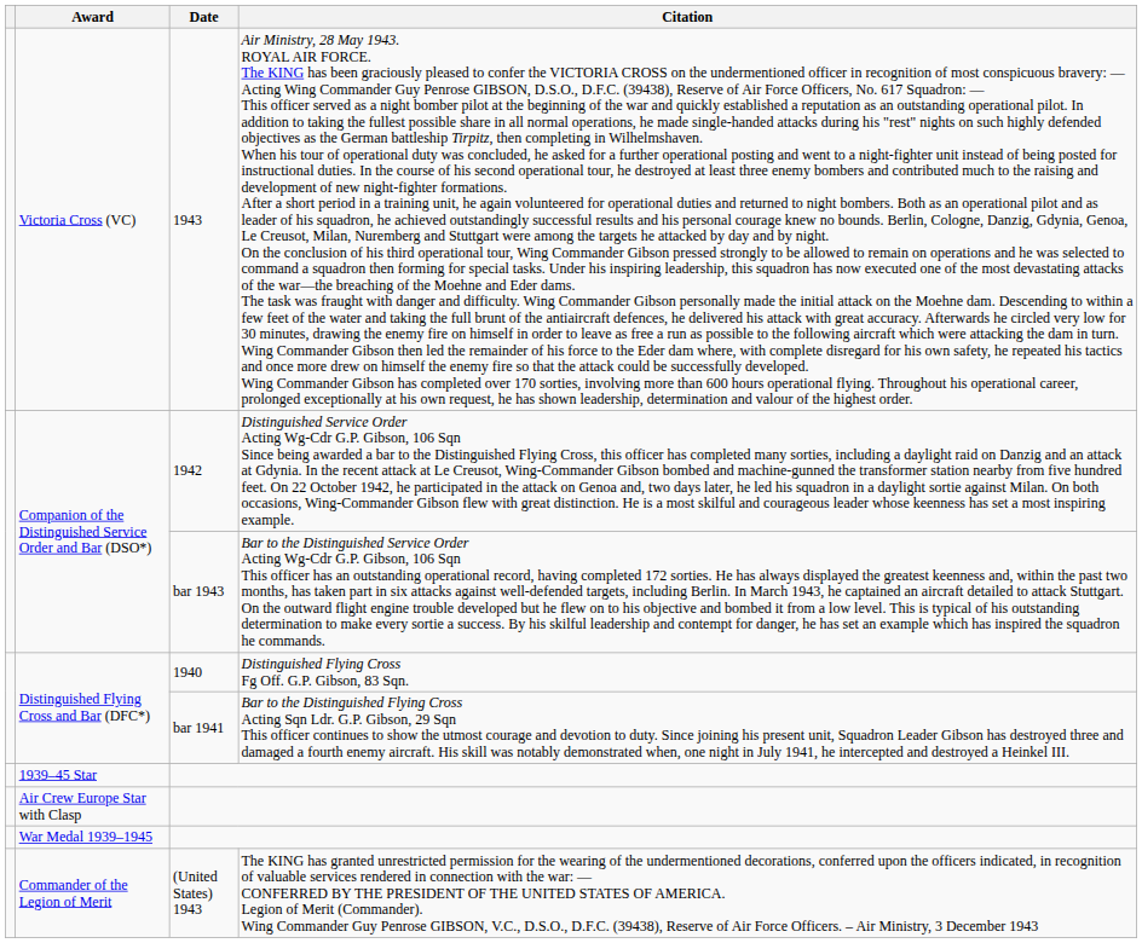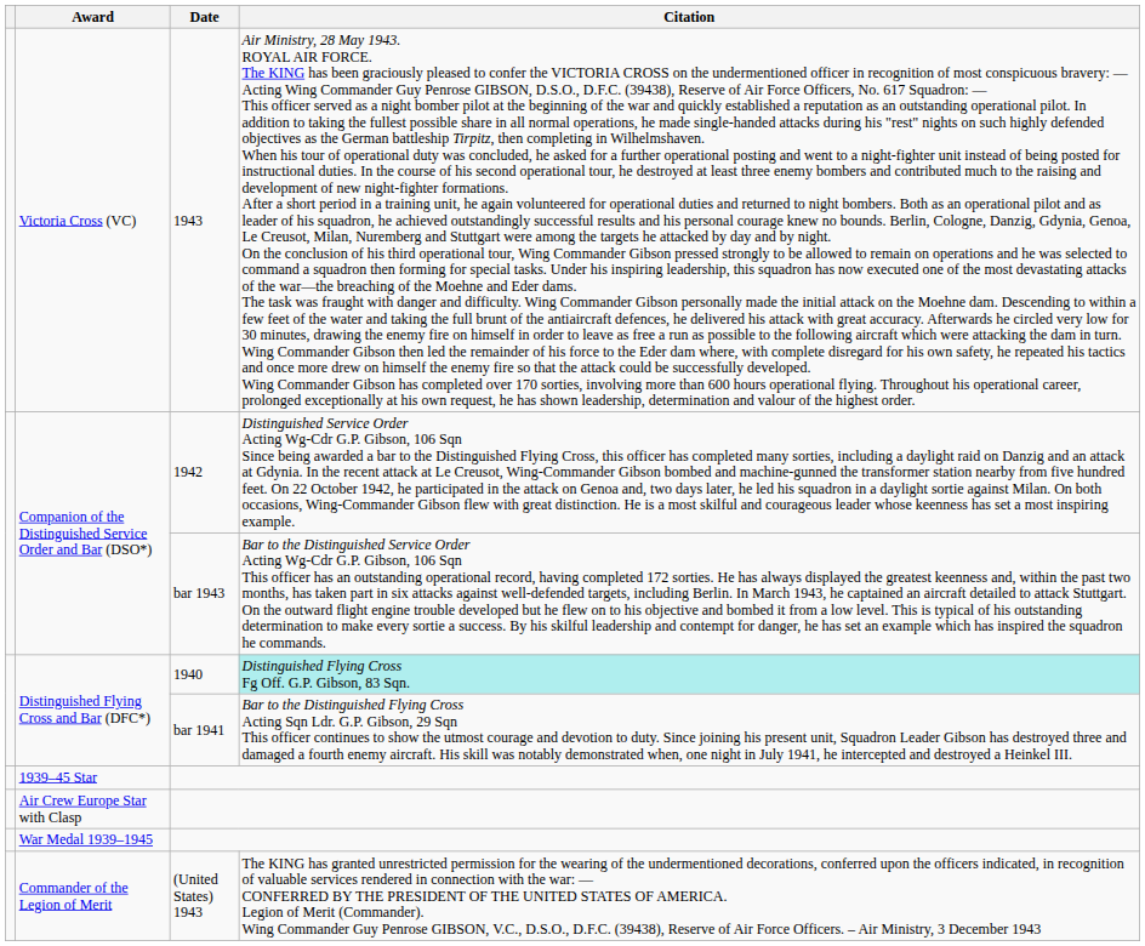 <table class="wikitable">
 <tr>
 <th> </th>
 <th>Award</th>
 <th>Date</th>
 <th>Citation</th>
 </tr>
 <tr>
 <td></td>
 <td><a href='#'>Victoria Cross</a> (VC)</td>
 <td>1943</td>
 <td><em>Air Ministry, 28 May 1943.</em><br>ROYAL AIR FORCE.<br><a href='#'>The KING</a> has been graciously pleased to confer the VICTORIA CROSS on the undermentioned officer in recognition of most conspicuous bravery: —<br>Acting Wing Commander Guy Penrose GIBSON, D.S.O., D.F.C. (39438), Reserve of Air Force Officers, No. 617 Squadron: —<br>This officer served as a night bomber pilot at the beginning of the war and quickly established a reputation as an outstanding operational pilot. In addition to taking the fullest possible share in all normal operations, he made single-handed attacks during his "rest" nights on such highly defended objectives as the German battleship <em>Tirpitz</em>, then completing in Wilhelmshaven.<br>When his tour of operational duty was concluded, he asked for a further operational posting and went to a night-fighter unit instead of being posted for instructional duties. In the course of his second operational tour, he destroyed at least three enemy bombers and contributed much to the raising and development of new night-fighter formations.<br>After a short period in a training unit, he again volunteered for operational duties and returned to night bombers. Both as an operational pilot and as leader of his squadron, he achieved outstandingly successful results and his personal courage knew no bounds. Berlin, Cologne, Danzig, Gdynia, Genoa, Le Creusot, Milan, Nuremberg and Stuttgart were among the targets he attacked by day and by night.<br>On the conclusion of his third operational tour, Wing Commander Gibson pressed strongly to be allowed to remain on operations and he was selected to command a squadron then forming for special tasks. Under his inspiring leadership, this squadron has now executed one of the most devastating attacks of the war—the breaching of the Moehne and Eder dams.<br>The task was fraught with danger and difficulty. Wing Commander Gibson personally made the initial attack on the Moehne dam. Descending to within a few feet of the water and taking the full brunt of the antiaircraft defences, he delivered his attack with great accuracy. Afterwards he circled very low for 30 minutes, drawing the enemy fire on himself in order to leave as free a run as possible to the following aircraft which were attacking the dam in turn.<br>Wing Commander Gibson then led the remainder of his force to the Eder dam where, with complete disregard for his own safety, he repeated his tactics and once more drew on himself the enemy fire so that the attack could be successfully developed.<br>Wing Commander Gibson has completed over 170 sorties, involving more than 600 hours operational flying. Throughout his operational career, prolonged exceptionally at his own request, he has shown leadership, determination and valour of the highest order.</td>
 </tr>
 <tr>
 <td rowspan=2></td>
 <td rowspan=2><a href='#'> Companion of the Distinguished Service Order and Bar</a> (DSO*)</td>
 <td>1942</td>
 <td><em>Distinguished Service Order</em><br>Acting Wg-Cdr G.P. Gibson, 106 Sqn<br>Since being awarded a bar to the Distinguished Flying Cross, this officer has completed many sorties, including a daylight raid on Danzig and an attack at Gdynia. In the recent attack at Le Creusot, Wing-Commander Gibson bombed and machine-gunned the transformer station nearby from five hundred feet. On 22 October 1942, he participated in the attack on Genoa and, two days later, he led his squadron in a daylight sortie against Milan. On both occasions, Wing-Commander Gibson flew with great distinction. He is a most skilful and courageous leader whose keenness has set a most inspiring example.</td>
 </tr>
 <tr>
 <td>bar 1943</td>
 <td><em>Bar to the Distinguished Service Order</em><br>Acting Wg-Cdr G.P. Gibson, 106 Sqn<br>This officer has an outstanding operational record, having completed 172 sorties. He has always displayed the greatest keenness and, within the past two months, has taken part in six attacks against well-defended targets, including Berlin. In March 1943, he captained an aircraft detailed to attack Stuttgart. On the outward flight engine trouble developed but he flew on to his objective and bombed it from a low level. This is typical of his outstanding determination to make every sortie a success. By his skilful leadership and contempt for danger, he has set an example which has inspired the squadron he commands.</td>
 </tr>
 <tr>
 <td rowspan=2></td>
 <td rowspan=2><a href='#'>Distinguished Flying Cross and Bar</a> (DFC*)</td>
 <td>1940</td>
-<td><em>Distinguished Flying Cross</em><br>Fg Off. G.P. Gibson, 83 Sqn.</td>
+<td style="background: paleturquoise;"><em>Distinguished Flying Cross</em><br>Fg Off. G.P. Gibson, 83 Sqn.</td>
 </tr>
 <tr>
 <td>bar 1941</td>
 <td><em>Bar to the Distinguished Flying Cross</em><br>Acting Sqn Ldr. G.P. Gibson, 29 Sqn<br>This officer continues to show the utmost courage and devotion to duty. Since joining his present unit, Squadron Leader Gibson has destroyed three and damaged a fourth enemy aircraft. His skill was notably demonstrated when, one night in July 1941, he intercepted and destroyed a Heinkel III.</td>
 </tr>
 <tr>
 <td></td>
 <td><a href='#'>1939–45 Star</a></td>
 <td colspan=2></td>
 </tr>
 <tr>
 <td></td>
 <td><a href='#'>Air Crew Europe Star</a> with Clasp</td>
 <td colspan=2></td>
 </tr>
 <tr>
 <td></td>
 <td><a href='#'>War Medal 1939–1945</a></td>
 <td colspan=2></td>
 </tr>
 <tr>
 <td></td>
 <td><a href='#'>Commander of the Legion of Merit</a></td>
 <td>(United States) 1943</td>
 <td>The KING has granted unrestricted permission for the wearing of the undermentioned decorations, conferred upon the officers indicated, in recognition of valuable services rendered in connection with the war: —<br>CONFERRED BY THE PRESIDENT OF THE UNITED STATES OF AMERICA.<br>Legion of Merit (Commander).<br>Wing Commander Guy Penrose GIBSON, V.C., D.S.O., D.F.C. (39438), Reserve of Air Force Officers. – Air Ministry, 3 December 1943</td>
 </tr>
 </table>
